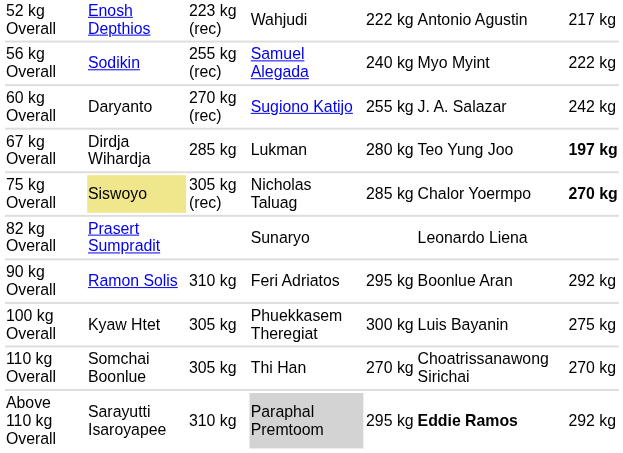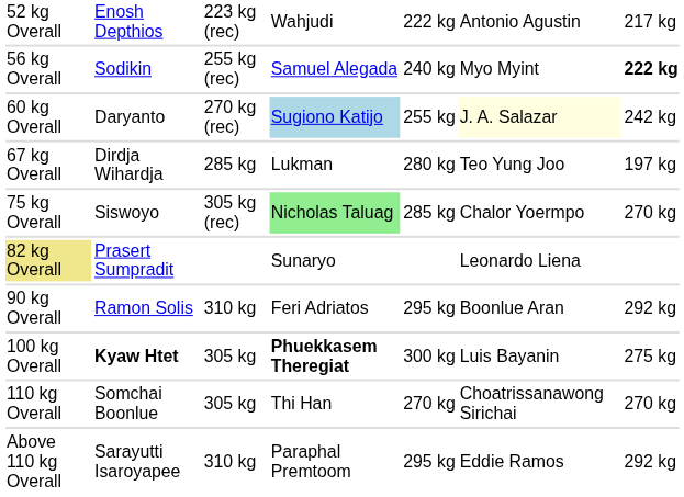 <table>
 <tr>
 <td>52 kg Overall</td>
 <td> <a href='#'>Enosh Depthios</a></td>
 <td>223 kg (rec)</td>
 <td> Wahjudi</td>
 <td>222 kg</td>
 <td> Antonio Agustin</td>
 <td>217 kg</td>
 </tr>
 <tr bgcolor=#DDDDDD>
 <td colspan=7></td>
 </tr>
 <tr>
 <td>56 kg Overall</td>
 <td> <a href='#'>Sodikin</a></td>
 <td>255 kg (rec)</td>
 <td> <a href='#'>Samuel Alegada</a></td>
 <td>240 kg</td>
 <td> Myo Myint</td>
-<td>222 kg</td>
+<td><strong>222 kg</strong></td>
 </tr>
 <tr bgcolor=#DDDDDD>
 <td colspan=7></td>
 </tr>
 <tr>
 <td>60 kg Overall</td>
 <td> Daryanto</td>
 <td>270 kg (rec)</td>
-<td> <a href='#'>Sugiono Katijo</a></td>
+<td style="background: lightblue;"> <a href='#'>Sugiono Katijo</a></td>
 <td>255 kg</td>
-<td> J. A. Salazar</td>
+<td style="background: lightyellow;"> J. A. Salazar</td>
 <td>242 kg</td>
 </tr>
 <tr bgcolor=#DDDDDD>
 <td colspan=7></td>
 </tr>
 <tr>
 <td>67 kg Overall</td>
 <td> Dirdja Wihardja</td>
 <td>285 kg</td>
 <td> Lukman</td>
 <td>280 kg</td>
 <td> Teo Yung Joo</td>
-<td><strong>197 kg</strong></td>
+<td>197 kg</td>
 </tr>
 <tr bgcolor=#DDDDDD>
 <td colspan=7></td>
 </tr>
 <tr>
 <td>75 kg Overall</td>
-<td style="background: khaki;"> Siswoyo</td>
+<td> Siswoyo</td>
 <td>305 kg (rec)</td>
-<td> Nicholas Taluag</td>
+<td style="background: lightgreen;"> Nicholas Taluag</td>
 <td>285 kg</td>
 <td> Chalor Yoermpo</td>
-<td><strong>270 kg</strong></td>
+<td>270 kg</td>
 </tr>
 <tr bgcolor=#DDDDDD>
 <td colspan=7></td>
 </tr>
 <tr>
-<td>82 kg Overall</td>
+<td style="background: khaki;">82 kg Overall</td>
 <td> <a href='#'>Prasert Sumpradit</a></td>
 <td></td>
 <td> Sunaryo</td>
 <td></td>
 <td> Leonardo Liena</td>
 <td></td>
 </tr>
 <tr bgcolor=#DDDDDD>
 <td colspan=7></td>
 </tr>
 <tr>
 <td>90 kg Overall</td>
 <td> <a href='#'>Ramon Solis</a></td>
 <td>310 kg</td>
 <td> Feri Adriatos</td>
 <td>295 kg</td>
 <td> Boonlue Aran</td>
 <td>292 kg</td>
 </tr>
 <tr bgcolor=#DDDDDD>
 <td colspan=7></td>
 </tr>
 <tr>
 <td>100 kg Overall</td>
-<td> Kyaw Htet</td>
+<td><strong> Kyaw Htet</strong></td>
 <td>305 kg</td>
-<td> Phuekkasem Theregiat</td>
+<td><strong> Phuekkasem Theregiat</strong></td>
 <td>300 kg</td>
 <td> Luis Bayanin</td>
 <td>275 kg</td>
 </tr>
 <tr bgcolor=#DDDDDD>
 <td colspan=7></td>
 </tr>
 <tr>
 <td>110 kg Overall</td>
 <td> Somchai Boonlue</td>
 <td>305 kg</td>
 <td> Thi Han</td>
 <td>270 kg</td>
 <td> Choatrissanawong Sirichai</td>
 <td>270 kg</td>
 </tr>
 <tr bgcolor=#DDDDDD>
 <td colspan=7></td>
 </tr>
 <tr>
 <td>Above 110 kg Overall</td>
 <td> Sarayutti Isaroyapee</td>
 <td>310 kg</td>
-<td style="background: lightgrey;"> Paraphal Premtoom</td>
+<td> Paraphal Premtoom</td>
 <td>295 kg</td>
-<td><strong> Eddie Ramos</strong></td>
+<td> Eddie Ramos</td>
 <td>292 kg</td>
 </tr>
 </table>
